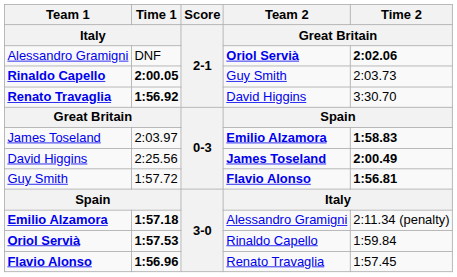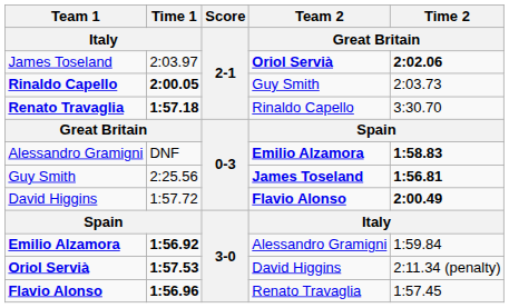 <table class="wikitable">
 <tr>
 <th>Team 1</th>
 <th>Time 1</th>
 <th>Score</th>
 <th>Team 2</th>
 <th>Time 2</th>
 </tr>
 <tr>
 <th colspan=2> <strong>Italy</strong></th>
 <th rowspan=4>2-1</th>
 <th colspan=2> Great Britain</th>
 </tr>
 <tr>
-<td><a href='#'>Alessandro Gramigni</a></td>
-<td>DNF</td>
+<td><a href='#'>James Toseland</a></td>
+<td>2:03.97</td>
 <td><strong><a href='#'>Oriol Servià</a></strong></td>
 <td><strong>2:02.06</strong></td>
 </tr>
 <tr>
 <td><strong><a href='#'>Rinaldo Capello</a></strong></td>
 <td><strong>2:00.05</strong></td>
 <td><a href='#'>Guy Smith</a></td>
 <td>2:03.73</td>
 </tr>
 <tr>
 <td><strong><a href='#'>Renato Travaglia</a></strong></td>
-<td><strong>1:56.92</strong></td>
-<td><a href='#'>David Higgins</a></td>
+<td><strong>1:57.18</strong></td>
+<td><a href='#'>Rinaldo Capello</a></td>
 <td>3:30.70</td>
 </tr>
 <tr>
 <th colspan=2> Great Britain</th>
 <th rowspan=4>0-3</th>
 <th colspan=2> <strong>Spain</strong></th>
 </tr>
 <tr>
-<td><a href='#'>James Toseland</a></td>
-<td>2:03.97</td>
+<td><a href='#'>Alessandro Gramigni</a></td>
+<td>DNF</td>
 <td><strong><a href='#'>Emilio Alzamora</a></strong></td>
 <td><strong>1:58.83</strong></td>
 </tr>
 <tr>
-<td><a href='#'>David Higgins</a></td>
+<td><a href='#'>Guy Smith</a></td>
 <td>2:25.56</td>
 <td><strong><a href='#'>James Toseland</a></strong></td>
-<td><strong>2:00.49</strong></td>
+<td><strong>1:56.81</strong></td>
 </tr>
 <tr>
-<td><a href='#'>Guy Smith</a></td>
+<td><a href='#'>David Higgins</a></td>
 <td>1:57.72</td>
 <td><strong><a href='#'>Flavio Alonso</a></strong></td>
-<td><strong>1:56.81</strong></td>
+<td><strong>2:00.49</strong></td>
 </tr>
 <tr>
 <th colspan=2> <strong>Spain</strong></th>
 <th rowspan=4>3-0</th>
 <th colspan=2> Italy</th>
 </tr>
 <tr>
 <td><strong><a href='#'>Emilio Alzamora</a></strong></td>
-<td><strong>1:57.18</strong></td>
+<td><strong>1:56.92</strong></td>
 <td><a href='#'>Alessandro Gramigni</a></td>
-<td>2:11.34 (penalty)</td>
+<td>1:59.84</td>
 </tr>
 <tr>
 <td><strong><a href='#'>Oriol Servià</a></strong></td>
 <td><strong>1:57.53</strong></td>
-<td><a href='#'>Rinaldo Capello</a></td>
-<td>1:59.84</td>
+<td><a href='#'>David Higgins</a></td>
+<td>2:11.34 (penalty)</td>
 </tr>
 <tr>
 <td><strong><a href='#'>Flavio Alonso</a></strong></td>
 <td><strong>1:56.96</strong></td>
 <td><a href='#'>Renato Travaglia</a></td>
 <td>1:57.45</td>
 </tr>
 </table>
